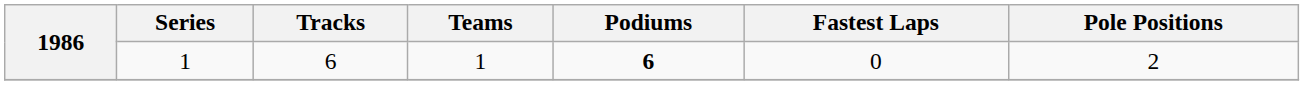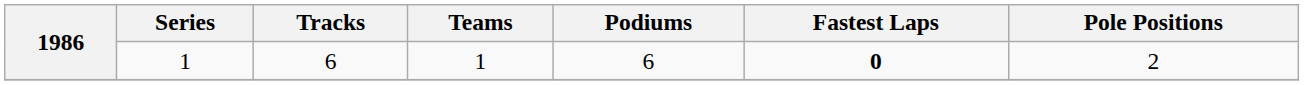 <table class="wikitable" width="881px">
 <tr>
 <th scope="col" rowspan="2">1986</th>
 <th scope="col">Series</th>
 <th scope="col">Tracks</th>
 <th scope="col">Teams</th>
 <th scope="col">Podiums</th>
 <th scope="col">Fastest Laps</th>
 <th scope="col">Pole Positions</th>
 </tr>
 <tr>
 <td style="text-align:center">1</td>
 <td style="text-align:center">6</td>
 <td style="text-align:center">1</td>
-<td style="text-align:center"><strong>6</strong></td>
-<td style="text-align:center">0</td>
+<td style="text-align:center">6</td>
+<td style="text-align:center"><strong>0</strong></td>
 <td style="text-align:center">2</td>
 </tr>
 <tr>
 </tr>
 </table>
